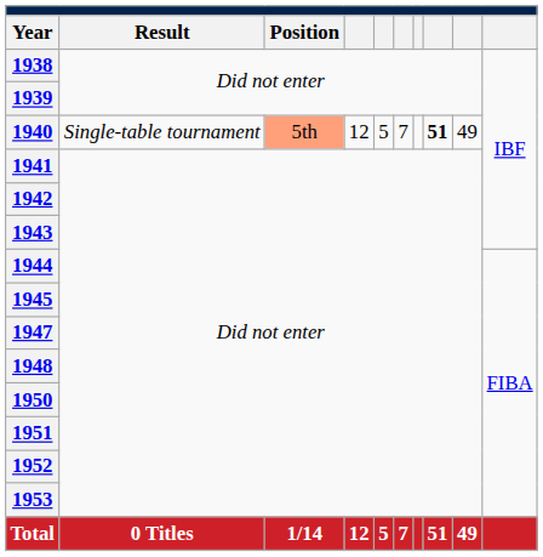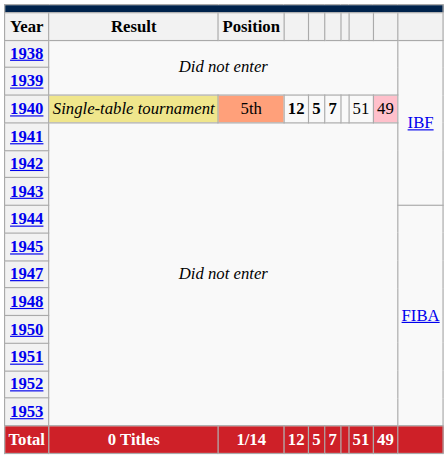 <table class="wikitable" style="font-size:90%; text-align:center;">
 <tr>
 <th style="background:#00234C;" colspan="10"><a href='#'></a></th>
 </tr>
 <tr>
 <th scope="col">Year</th>
 <th scope="col">Result</th>
 <th scope="col">Position</th>
 <th scope="col"></th>
 <th scope="col"></th>
 <th scope="col"></th>
 <th scope="col"></th>
 <th scope="col"></th>
 <th scope="col"></th>
 <th scope="col"></th>
 </tr>
 <tr>
 <th> <a href='#'>1938</a></th>
 <td rowspan="2" colspan="8"><em>Did not enter</em></td>
 <td rowspan=6><a href='#'>IBF</a></td>
 </tr>
 <tr>
 <th> <a href='#'>1939</a></th>
 </tr>
 <tr>
 <th> <a href='#'>1940</a></th>
-<td><em>Single-table tournament</em></td>
+<td style="background: khaki;"><em>Single-table tournament</em></td>
 <td style="background: lightsalmon;">5th</td>
-<td>12</td>
-<td>5</td>
-<td>7</td>
+<td><strong>12</strong></td>
+<td><strong>5</strong></td>
+<td><strong>7</strong></td>
 <td></td>
-<td><strong>51</strong></td>
-<td>49</td>
+<td>51</td>
+<td style="background: pink;">49</td>
 </tr>
 <tr>
 <th> <a href='#'>1941</a></th>
 <td rowspan="11" colspan="8"><em>Did not enter</em></td>
 </tr>
 <tr>
 <th> <a href='#'>1942</a></th>
 </tr>
 <tr>
 <th> <a href='#'>1943</a></th>
 </tr>
 <tr>
 <th> <a href='#'>1944</a></th>
 <td rowspan=8><a href='#'>FIBA</a></td>
 </tr>
 <tr>
 <th> <a href='#'>1945</a></th>
 </tr>
 <tr>
 <th> <a href='#'>1947</a></th>
 </tr>
 <tr>
 <th> <a href='#'>1948</a></th>
 </tr>
 <tr>
 <th> <a href='#'>1950</a></th>
 </tr>
 <tr>
 <th> <a href='#'>1951</a></th>
 </tr>
 <tr>
 <th> <a href='#'>1952</a></th>
 </tr>
 <tr>
 <th> <a href='#'>1953</a></th>
 </tr>
 <tr>
 <th style="color:white; background:#CE2028;"><strong>Total</strong></th>
 <th style="color:white; background:#CE2028;">0 Titles</th>
 <th style="color:white; background:#CE2028;"><strong>1/14</strong></th>
 <th style="color:white; background:#CE2028;"><strong>12</strong></th>
 <th style="color:white; background:#CE2028;"><strong>5</strong></th>
 <th style="color:white; background:#CE2028;"><strong>7</strong></th>
 <th style="color:white; background:#CE2028;"><strong></strong></th>
 <th style="color:white; background:#CE2028;"><strong>51</strong></th>
 <th style="color:white; background:#CE2028;"><strong>49</strong></th>
 <th style="color:white; background:#CE2028;"></th>
 </tr>
 </table>
